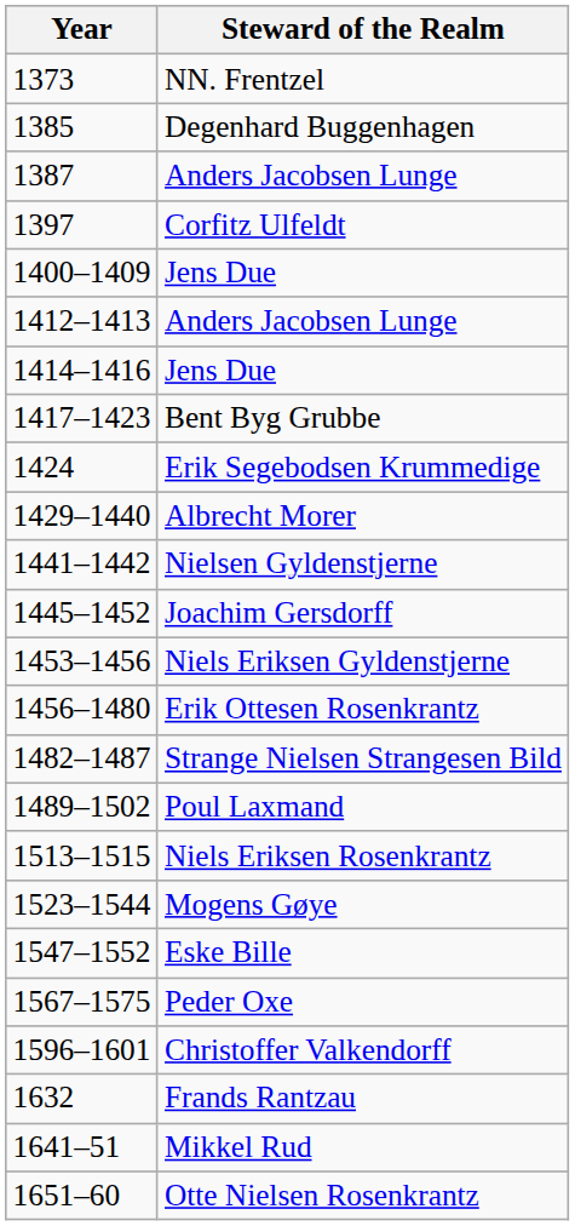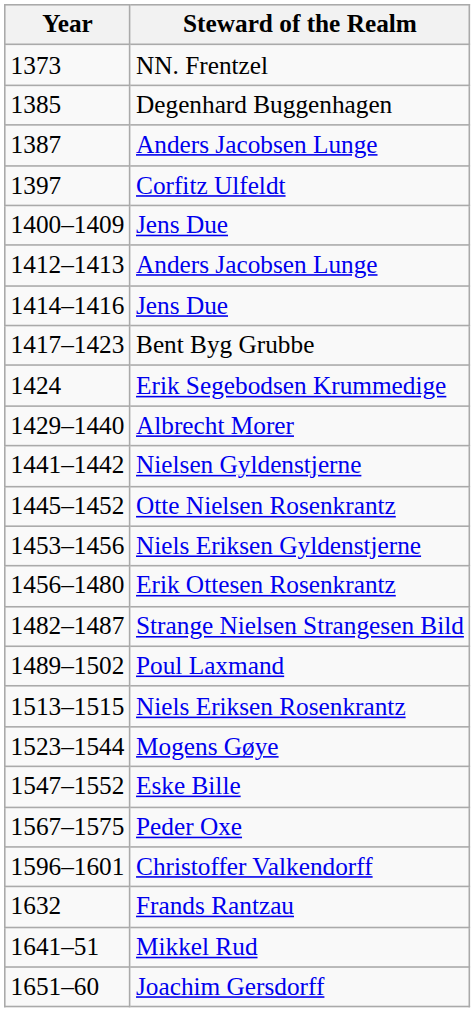 <table class="wikitable">
 <tr>
 <th>Year</th>
 <th>Steward of the Realm</th>
 </tr>
 <tr>
 <td>1373</td>
 <td>NN. Frentzel</td>
 </tr>
 <tr>
 <td>1385</td>
 <td>Degenhard Buggenhagen</td>
 </tr>
 <tr>
 <td>1387</td>
 <td><a href='#'>Anders Jacobsen Lunge</a></td>
 </tr>
 <tr>
 <td>1397</td>
 <td><a href='#'>Corfitz Ulfeldt </a></td>
 </tr>
 <tr>
 <td>1400–1409</td>
 <td><a href='#'>Jens Due</a></td>
 </tr>
 <tr>
 <td>1412–1413</td>
 <td><a href='#'>Anders Jacobsen Lunge</a></td>
 </tr>
 <tr>
 <td>1414–1416</td>
 <td><a href='#'>Jens Due</a></td>
 </tr>
 <tr>
 <td>1417–1423</td>
 <td>Bent Byg Grubbe</td>
 </tr>
 <tr>
 <td>1424</td>
 <td><a href='#'>Erik Segebodsen Krummedige</a></td>
 </tr>
 <tr>
 <td>1429–1440</td>
 <td><a href='#'>Albrecht Morer</a></td>
 </tr>
 <tr>
 <td>1441–1442</td>
 <td><a href='#'>Nielsen Gyldenstjerne</a></td>
 </tr>
 <tr>
 <td>1445–1452</td>
-<td><a href='#'>Joachim Gersdorff</a></td>
+<td><a href='#'>Otte Nielsen Rosenkrantz</a></td>
 </tr>
 <tr>
 <td>1453–1456</td>
 <td><a href='#'>Niels Eriksen Gyldenstjerne</a></td>
 </tr>
 <tr>
 <td>1456–1480</td>
 <td><a href='#'>Erik Ottesen Rosenkrantz</a></td>
 </tr>
 <tr>
 <td>1482–1487</td>
 <td><a href='#'>Strange Nielsen Strangesen Bild</a></td>
 </tr>
 <tr>
 <td>1489–1502</td>
 <td><a href='#'>Poul Laxmand</a></td>
 </tr>
 <tr>
 <td>1513–1515</td>
 <td><a href='#'>Niels Eriksen Rosenkrantz</a></td>
 </tr>
 <tr>
 <td>1523–1544</td>
 <td><a href='#'>Mogens Gøye</a></td>
 </tr>
 <tr>
 <td>1547–1552</td>
 <td><a href='#'>Eske Bille</a></td>
 </tr>
 <tr>
 <td>1567–1575</td>
 <td><a href='#'>Peder Oxe</a></td>
 </tr>
 <tr>
 <td>1596–1601</td>
 <td><a href='#'>Christoffer Valkendorff</a></td>
 </tr>
 <tr>
 <td>1632</td>
 <td><a href='#'>Frands Rantzau</a></td>
 </tr>
 <tr>
 <td>1641–51</td>
 <td><a href='#'>Mikkel Rud</a></td>
 </tr>
 <tr>
 <td>1651–60</td>
-<td><a href='#'>Otte Nielsen Rosenkrantz</a></td>
+<td><a href='#'>Joachim Gersdorff</a></td>
 </tr>
 </table>
